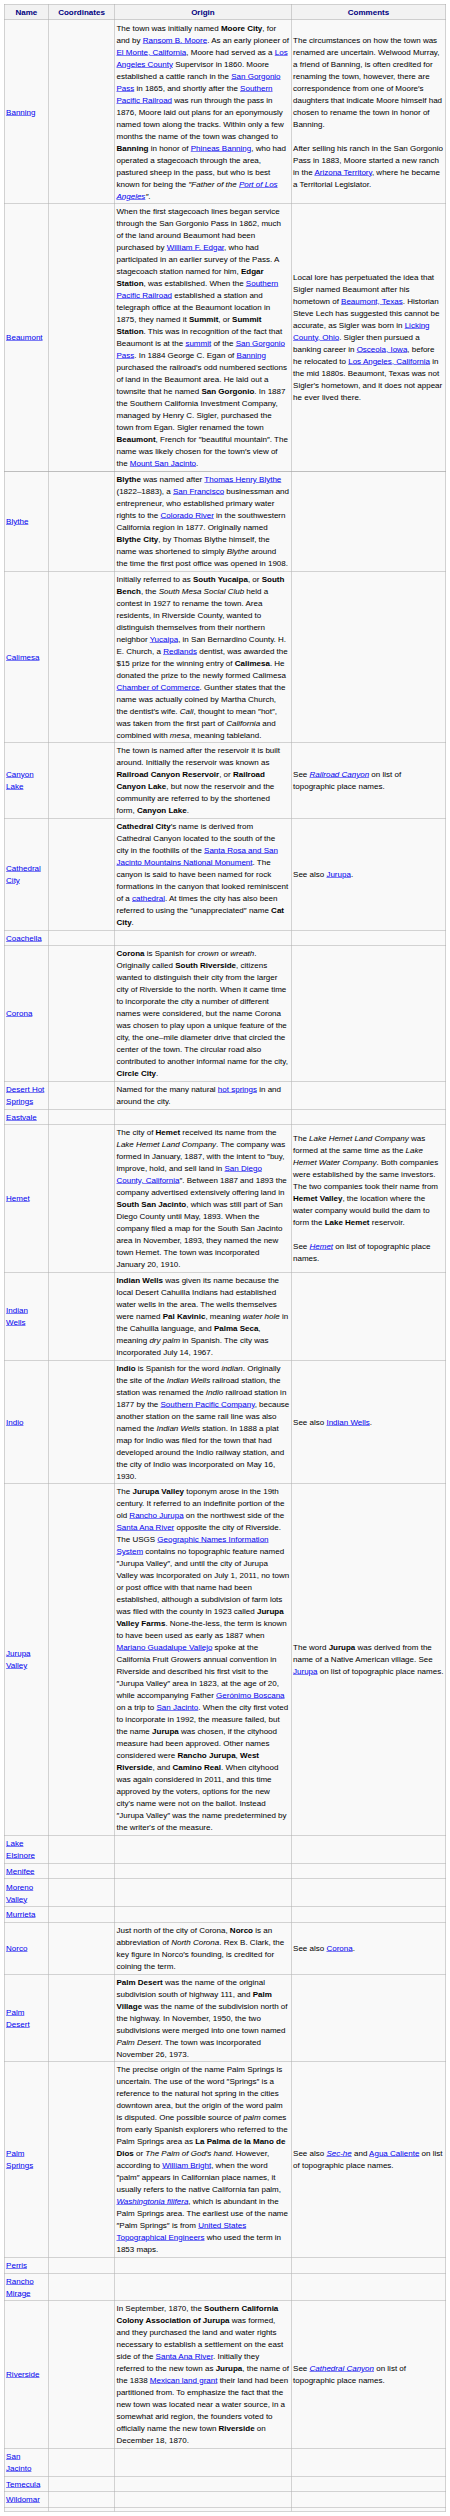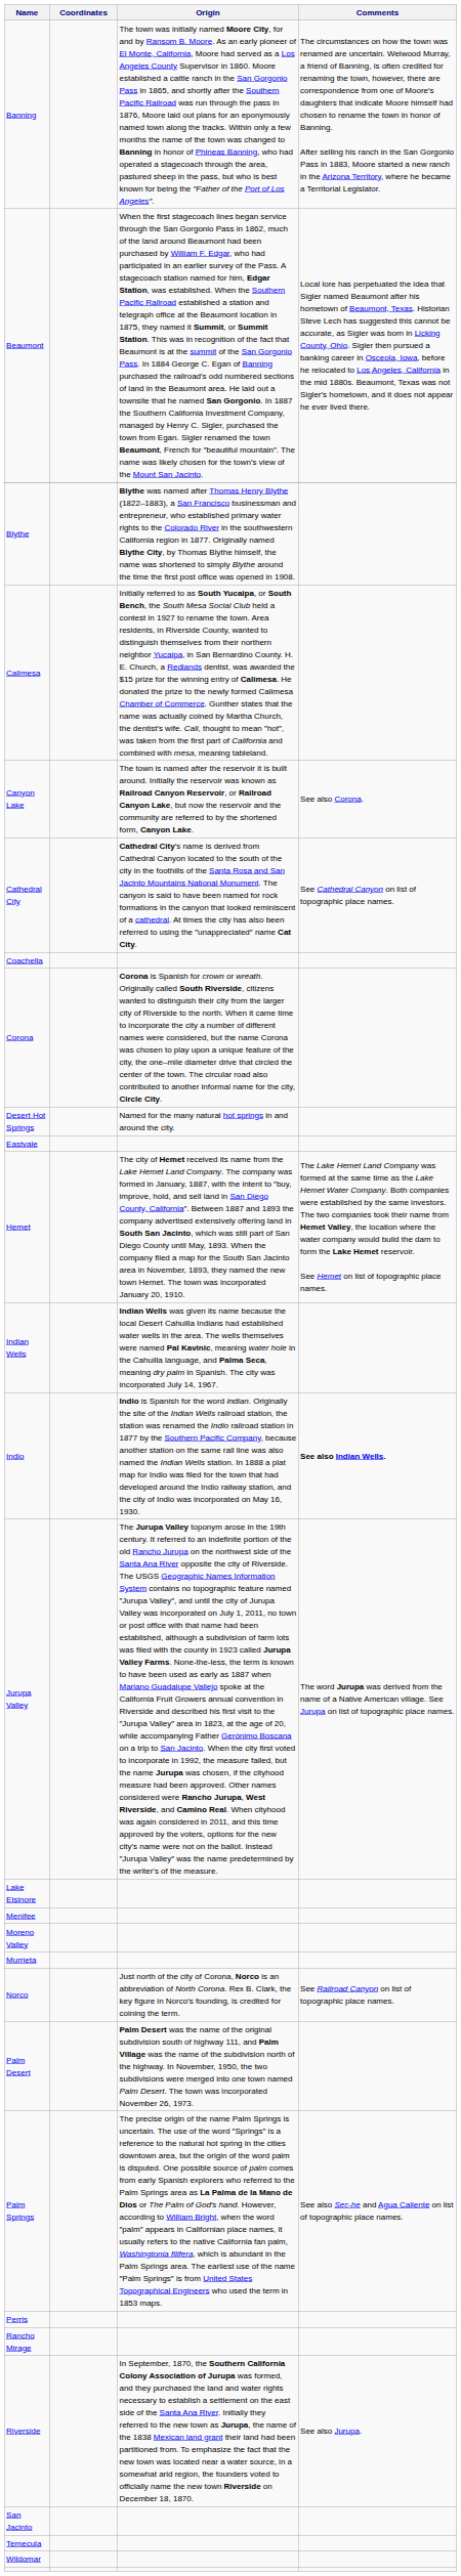 <table class="wikitable sortable" style="font-size:100%;width:100%;border:0px;text-align:left;line-height:150%;">
 <tr>
 <th style="background: #f2f2f2; color: #000080" height="17"  width="10%">Name</th>
 <th style="background: #f2f2f2; color: #000080" height="17" width="15%">Coordinates</th>
 <th style="background: #f2f2f2; color: #000080" height="17" width="40%">Origin</th>
 <th class="unsortable" style="background: #f2f2f2; color: #000080" height="17" width="35%">Comments</th>
 </tr>
 <tr>
 <td><a href='#'>Banning</a></td>
 <td></td>
 <td>The town was initially named <strong>Moore City</strong>, for and by <a href='#'>Ransom B. Moore</a>. As an early pioneer of <a href='#'>El Monte, California</a>, Moore had served as a <a href='#'>Los Angeles County</a> Supervisor in 1860. Moore established a cattle ranch in the <a href='#'>San Gorgonio Pass</a> in 1865, and shortly after the <a href='#'>Southern Pacific Railroad</a> was run through the pass in 1876, Moore laid out plans for an eponymously named town along the tracks. Within only a few months the name of the town was changed to <strong>Banning</strong> in honor of <a href='#'>Phineas Banning</a>, who had operated a stagecoach through the area, pastured sheep in the pass, but who is best known for being the <em>″Father of the <a href='#'>Port of Los Angeles</a>″</em>.</td>
 <td>The circumstances on how the town was renamed are uncertain. Welwood Murray, a friend of Banning, is often credited for renaming the town, however, there are correspondence from one of Moore′s daughters that indicate Moore himself had chosen to rename the town in honor of Banning.<br><br>After selling his ranch in the San Gorgonio Pass in 1883, Moore started a new ranch in the <a href='#'>Arizona Territory</a>, where he became a Territorial Legislator.</td>
 </tr>
 <tr>
 <td><a href='#'>Beaumont</a></td>
 <td></td>
 <td>When the first stagecoach lines began service through the San Gorgonio Pass in 1862, much of the land around Beaumont had been purchased by <a href='#'>William F. Edgar</a>, who had participated in an earlier survey of the Pass. A stagecoach station named for him, <strong>Edgar Station</strong>, was established.  When the <a href='#'>Southern Pacific Railroad</a> established a station and telegraph office at the Beaumont location in 1875, they named it <strong>Summit</strong>, or <strong>Summit Station</strong>. This was in recognition of the fact that Beaumont is at the <a href='#'>summit</a> of the <a href='#'>San Gorgonio Pass</a>. In 1884 George C. Egan of <a href='#'>Banning</a> purchased the railroad′s odd numbered sections of land in the Beaumont area.  He laid out a townsite that he named <strong>San Gorgonio</strong>. In 1887 the Southern California Investment Company, managed by Henry C. Sigler, purchased the town from Egan. Sigler renamed the town <strong>Beaumont</strong>, French for ″beautiful mountain″.  The name was likely chosen for the town′s view of the  <a href='#'>Mount San Jacinto</a>.</td>
 <td>Local lore has perpetuated the idea that Sigler named Beaumont after his hometown of <a href='#'>Beaumont, Texas</a>. Historian Steve Lech has suggested this cannot be accurate, as Sigler was born in <a href='#'>Licking County, Ohio</a>.  Sigler then pursued a banking career in <a href='#'>Osceola, Iowa</a>, before he relocated to <a href='#'>Los Angeles, California</a> in the mid 1880s.  Beaumont, Texas was not Sigler′s hometown, and it does not appear he ever lived there.</td>
 </tr>
 <tr>
 </tr>
 <tr>
 <td><a href='#'>Blythe</a></td>
 <td></td>
 <td><strong>Blythe</strong> was named after <a href='#'>Thomas Henry Blythe</a> (1822–1883), a <a href='#'>San Francisco</a> businessman and entrepreneur, who established primary water rights to the <a href='#'>Colorado River</a> in the southwestern California region in 1877.  Originally named <strong>Blythe City</strong>, by Thomas Blythe himself, the name was shortened to simply <em>Blythe</em> around the time the first post office was opened in 1908.</td>
 <td></td>
 </tr>
 <tr>
 <td><a href='#'>Calimesa</a></td>
 <td></td>
 <td>Initially referred to as <strong>South Yucaipa</strong>, or <strong>South Bench</strong>, the <em>South Mesa Social Club</em> held a contest in 1927 to rename the town. Area residents, in Riverside County, wanted to distinguish themselves from their northern neighbor <a href='#'>Yucaipa</a>, in San Bernardino County. H. E. Church, a <a href='#'>Redlands</a> dentist, was awarded the $15 prize for the winning entry of <strong>Calimesa</strong>. He donated the prize to the newly formed Calimesa <a href='#'>Chamber of Commerce</a>. Gunther states that the name was actually coined by Martha Church, the dentist′s wife. <em>Cali</em>, thought to mean ″hot″, was taken from the first part of <em>California</em> and combined with <em>mesa</em>, meaning tableland.</td>
 <td></td>
 </tr>
 <tr>
 <td><a href='#'>Canyon Lake</a></td>
 <td></td>
 <td>The town is named after the reservoir it is built around. Initially the reservoir was known as <strong>Railroad Canyon Reservoir</strong>, or <strong>Railroad Canyon Lake</strong>, but now the reservoir and the community are referred to by the shortened form, <strong>Canyon Lake</strong>.</td>
-<td>See <em><a href='#'>Railroad Canyon</a></em> on list of topographic place names.</td>
+<td>See also <a href='#'>Corona</a>.</td>
 </tr>
 <tr>
 <td><a href='#'>Cathedral City</a></td>
 <td></td>
 <td><strong>Cathedral City</strong>′s name is derived from Cathedral Canyon located to the south of the city in the foothills of the <a href='#'>Santa Rosa and San Jacinto Mountains National Monument</a>. The canyon is said to have been named for rock formations in the canyon that looked reminiscent of a <a href='#'>cathedral</a>. At times the city has also been referred to using the ″unappreciated″ name <strong>Cat City</strong>.</td>
-<td>See also <a href='#'>Jurupa</a>.</td>
+<td>See <em><a href='#'>Cathedral Canyon</a></em> on list of topographic place names.</td>
 </tr>
 <tr>
 <td><a href='#'>Coachella</a></td>
 <td></td>
 <td></td>
 <td></td>
 </tr>
 <tr>
 <td><a href='#'>Corona</a></td>
 <td></td>
 <td><strong>Corona</strong> is Spanish for <em>crown</em> or <em>wreath</em>.  Originally called <strong>South Riverside</strong>, citizens wanted to distinguish their city from the larger city of Riverside to the north.  When it came time to incorporate the city a number of different names were considered, but the name Corona was chosen to play upon a unique feature of the city, the one–mile diameter drive that circled the center of the town. The circular road also contributed to another informal name for the city, <strong>Circle City</strong>.</td>
 <td></td>
 </tr>
 <tr>
 <td><a href='#'>Desert Hot Springs</a></td>
 <td></td>
 <td>Named for the many natural <a href='#'>hot springs</a> in and around the city.</td>
 <td></td>
 </tr>
 <tr>
 <td><a href='#'>Eastvale</a></td>
 <td><br></td>
 <td></td>
 <td></td>
 </tr>
 <tr>
 <td><a href='#'>Hemet</a></td>
 <td></td>
 <td>The city of <strong>Hemet</strong> received its name from the <em>Lake Hemet Land Company</em>. The company was formed in January, 1887, with the intent to ″buy, improve, hold, and sell land in <a href='#'>San Diego County, California</a>″. Between 1887 and 1893 the company advertised extensively offering land in <strong>South San Jacinto</strong>, which was still part of San Diego County until May, 1893. When the company filed a map for the South San Jacinto area in November, 1893, they named the new town Hemet. The town was incorporated January 20, 1910.</td>
 <td>The <em>Lake Hemet Land Company</em> was formed at the same time as the <em>Lake Hemet Water Company</em>. Both companies were established by the same investors. The two companies took their name from <strong>Hemet Valley</strong>, the location where the water company would build the dam to form the <strong>Lake Hemet</strong> reservoir.<br><br>See <em><a href='#'>Hemet</a></em> on list of topographic place names.</td>
 </tr>
 <tr>
 <td><a href='#'>Indian Wells</a></td>
 <td></td>
 <td><strong>Indian Wells</strong> was given its name because the local Desert Cahuilla Indians had established water wells in the area.  The wells themselves were named <strong>Pal Kavinic</strong>, meaning <em>water hole</em> in the Cahuilla language, and <strong>Palma Seca</strong>, meaning <em>dry palm</em> in Spanish. The city was incorporated July 14, 1967.</td>
 <td></td>
 </tr>
 <tr>
 <td><a href='#'>Indio</a></td>
 <td></td>
 <td><strong>Indio</strong> is Spanish for the word <em>indian</em>.  Originally the site of the <em>Indian Wells</em> railroad station, the station was renamed the <em>Indio</em> railroad station in 1877 by the <a href='#'>Southern Pacific Company</a>, because another station on the same rail line was also named the <em>Indian Wells</em> station.  In 1888 a plat map for Indio was filed for the town that had developed around the Indio railway station, and the city of Indio was incorporated on May 16, 1930.</td>
-<td>See also <a href='#'>Indian Wells</a>.</td>
+<td><strong>See also <a href='#'>Indian Wells</a>.</strong></td>
 </tr>
 <tr>
 <td><a href='#'>Jurupa Valley</a></td>
 <td></td>
 <td>The <strong>Jurupa Valley</strong> toponym arose in the 19th century. It referred to an indefinite portion of the old <a href='#'>Rancho Jurupa</a> on the northwest side of the <a href='#'>Santa Ana River</a> opposite the city of Riverside. The USGS <a href='#'>Geographic Names Information System</a> contains no topographic feature named ″Jurupa Valley″, and until the city of Jurupa Valley was incorporated on July 1, 2011, no town or post office with that name had been established, although a subdivision of  farm lots was filed with the county in 1923 called <strong>Jurupa Valley Farms</strong>. None-the-less, the term is known to have been used as early as 1887 when <a href='#'>Mariano Guadalupe Vallejo</a> spoke at the California Fruit Growers annual convention in Riverside and described his first visit to the ″Jurupa Valley″ area in 1823, at the age of 20, while accompanying Father <a href='#'>Gerónimo Boscana</a> on a trip to <a href='#'>San Jacinto</a>. When the city first voted to incorporate in 1992, the measure failed, but the name <strong>Jurupa</strong> was chosen, if the cityhood measure had been approved. Other names considered were <strong>Rancho Jurupa</strong>, <strong>West Riverside</strong>, and <strong>Camino Real</strong>. When cityhood was again considered in 2011, and this time approved by the voters, options for the new city's name were not on the ballot. Instead ″Jurupa Valley″ was the name predetermined by the writer's of the measure.</td>
 <td>The word <strong>Jurupa</strong> was derived from the name of a Native American village. See <a href='#'>Jurupa</a> on list of topographic place names.</td>
 </tr>
 <tr>
 <td><a href='#'>Lake Elsinore</a></td>
 <td></td>
 <td></td>
 <td></td>
 </tr>
 <tr>
 <td><a href='#'>Menifee</a></td>
 <td></td>
 <td></td>
 <td></td>
 </tr>
 <tr>
 <td><a href='#'>Moreno Valley</a></td>
 <td></td>
 <td></td>
 <td></td>
 </tr>
 <tr>
 <td><a href='#'>Murrieta</a></td>
 <td></td>
 <td></td>
 <td></td>
 </tr>
 <tr>
 <td><a href='#'>Norco</a></td>
 <td></td>
 <td>Just north of the city of Corona, <strong>Norco</strong> is an abbreviation of <em>North Corona</em>.  Rex B. Clark, the key figure in Norco′s founding, is credited for coining the term.</td>
-<td>See also <a href='#'>Corona</a>.</td>
+<td>See <em><a href='#'>Railroad Canyon</a></em> on list of topographic place names.</td>
 </tr>
 <tr>
 <td><a href='#'>Palm Desert</a></td>
 <td></td>
 <td><strong>Palm Desert</strong> was the name of the original subdivision south of highway 111, and <strong>Palm Village</strong> was the name of the subdivision north of the highway. In November, 1950, the two subdivisions were merged into one town named <em>Palm Desert</em>. The town was incorporated November 26, 1973.</td>
 <td></td>
 </tr>
 <tr>
 <td><a href='#'>Palm Springs</a></td>
 <td></td>
 <td>The precise origin of the name Palm Springs is uncertain.  The use of the word ″Springs″ is a reference to the natural hot spring in the cities downtown area, but the origin of the word palm is disputed.  One possible source of <em>palm</em> comes from early Spanish explorers who referred to the Palm Springs area as <strong>La Palma de la Mano de Dios</strong> or <em>The Palm of God′s hand</em>. However, according to <a href='#'>William Bright</a>, when the word ″palm″ appears in Californian place names, it usually refers to the native California fan palm, <em><a href='#'>Washingtonia filifera</a></em>, which is abundant in the Palm Springs area.  The earliest use of the name ″Palm Springs″ is from <a href='#'>United States Topographical Engineers</a> who used the term in 1853 maps.</td>
 <td>See also <em><a href='#'>Sec-he</a></em> and  <a href='#'>Agua Caliente</a> on list of topographic place names.</td>
 </tr>
 <tr>
 <td><a href='#'>Perris</a></td>
 <td></td>
 <td></td>
 <td></td>
 </tr>
 <tr>
 <td><a href='#'>Rancho Mirage</a></td>
 <td></td>
 <td></td>
 <td></td>
 </tr>
 <tr>
 <td><a href='#'>Riverside</a></td>
 <td></td>
 <td>In September, 1870, the <strong>Southern California Colony Association of Jurupa</strong> was formed, and they purchased the land and water rights necessary to establish a settlement on the east side of the <a href='#'>Santa Ana River</a>. Initially they referred to the new town as <strong>Jurupa</strong>, the name of the 1838 <a href='#'>Mexican land grant</a> their land had been partitioned from. To emphasize the fact that the new town was located near a water source, in a somewhat arid region, the founders voted to officially name the new town <strong>Riverside</strong> on December 18, 1870.</td>
-<td>See <em><a href='#'>Cathedral Canyon</a></em> on list of topographic place names.</td>
+<td>See also <a href='#'>Jurupa</a>.</td>
 </tr>
 <tr>
 <td><a href='#'>San Jacinto</a></td>
 <td></td>
 <td></td>
 <td></td>
 </tr>
 <tr>
 <td><a href='#'>Temecula</a></td>
 <td></td>
 <td></td>
 <td></td>
 </tr>
 <tr>
 <td><a href='#'>Wildomar</a></td>
 <td></td>
 <td></td>
 <td></td>
 </tr>
 <tr>
 <td></td>
 <td></td>
 <td></td>
 <td></td>
 </tr>
 </table>
